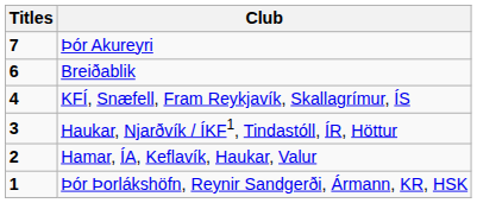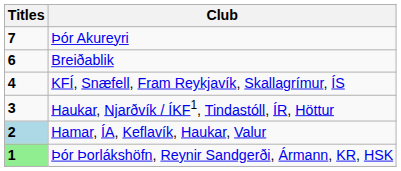 <table class="wikitable" style="text-align: Left">
 <tr>
 <th>Titles</th>
 <th>Club</th>
 </tr>
 <tr>
 <td><strong>7</strong></td>
 <td><a href='#'>Þór Akureyri</a></td>
 </tr>
 <tr>
 <td><strong>6</strong></td>
 <td><a href='#'>Breiðablik</a></td>
 </tr>
 <tr>
 <td><strong>4</strong></td>
 <td><a href='#'>KFÍ</a>, <a href='#'>Snæfell</a>, <a href='#'>Fram Reykjavík</a>, <a href='#'>Skallagrímur</a>, <a href='#'>ÍS</a></td>
 </tr>
 <tr>
 <td><strong>3</strong></td>
 <td><a href='#'>Haukar</a>, <a href='#'>Njarðvík / ÍKF</a><sup>1</sup>, <a href='#'>Tindastóll</a>, <a href='#'>ÍR</a>, <a href='#'>Höttur</a></td>
 </tr>
 <tr>
-<td><strong>2</strong></td>
+<td style="background: lightblue;"><strong>2</strong></td>
 <td><a href='#'>Hamar</a>, <a href='#'>ÍA</a>, <a href='#'>Keflavík</a>, <a href='#'>Haukar</a>, <a href='#'>Valur</a></td>
 </tr>
 <tr>
-<td><strong>1</strong></td>
+<td style="background: lightgreen;"><strong>1</strong></td>
 <td><a href='#'>Þór Þorlákshöfn</a>, <a href='#'>Reynir Sandgerði</a>, <a href='#'>Ármann</a>, <a href='#'>KR</a>, <a href='#'>HSK</a></td>
 </tr>
 </table>
